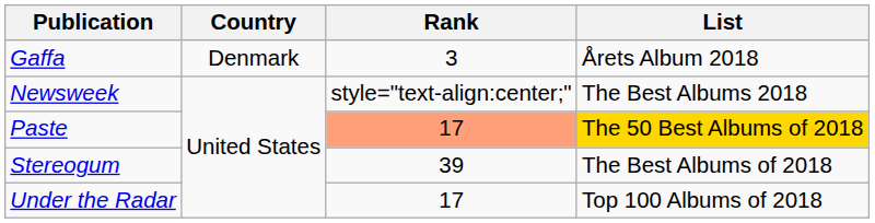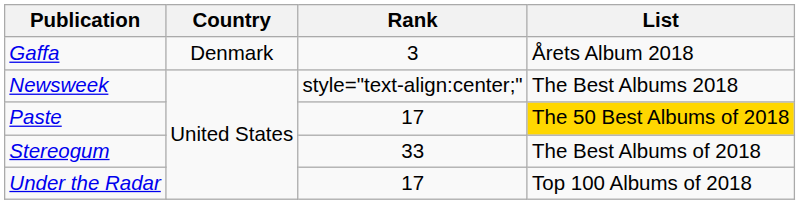 <table class="sortable wikitable">
 <tr>
 <th>Publication</th>
 <th>Country</th>
 <th>Rank</th>
 <th class="unsortable">List</th>
 </tr>
 <tr>
 <td><em><a href='#'>Gaffa</a></em></td>
 <td style="text-align:center;">Denmark</td>
 <td style="text-align:center;">3</td>
 <td>Årets Album 2018</td>
 </tr>
 <tr>
 <td><em><a href='#'>Newsweek</a></em></td>
 <td rowspan="4">United States</td>
 <td>style="text-align:center;" </td>
 <td>The Best Albums 2018</td>
 </tr>
 <tr>
 <td><em><a href='#'>Paste</a></em></td>
-<td style="background: lightsalmon; text-align:center;">17</td>
+<td style="text-align:center;">17</td>
 <td style="background: gold;">The 50 Best Albums of 2018</td>
 </tr>
 <tr>
 <td><em><a href='#'>Stereogum</a></em></td>
-<td style="text-align:center;">39</td>
+<td style="text-align:center;">33</td>
 <td>The Best Albums of 2018</td>
 </tr>
 <tr>
 <td><em><a href='#'>Under the Radar</a></em></td>
 <td style="text-align:center;">17</td>
 <td>Top 100 Albums of 2018</td>
 </tr>
 </table>
